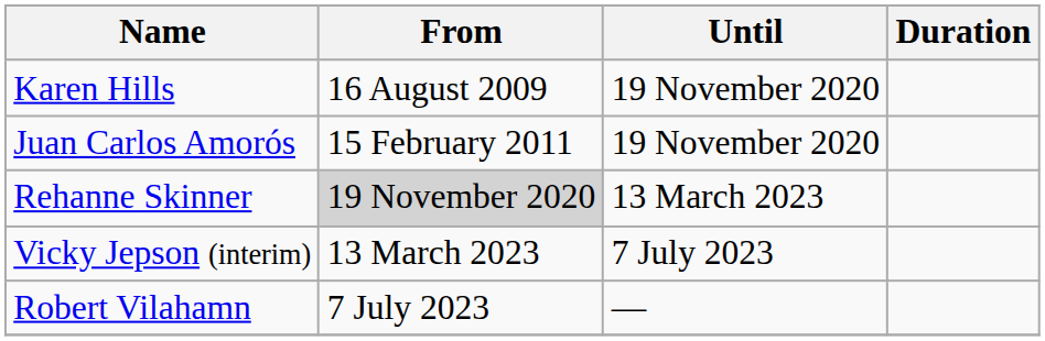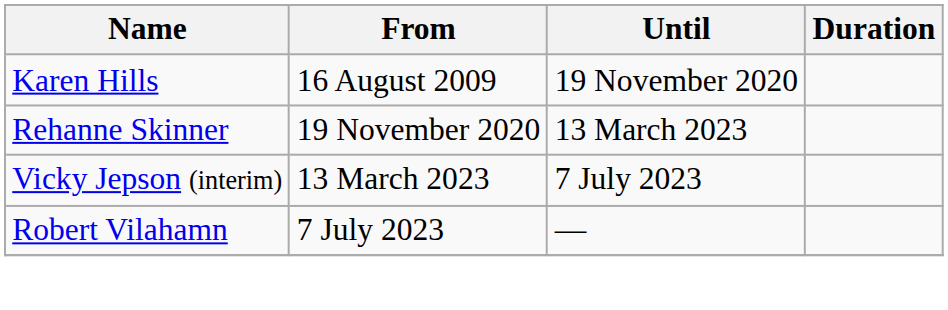 <table class="wikitable">
 <tr>
 <th>Name</th>
 <th>From</th>
 <th>Until</th>
 <th>Duration</th>
 </tr>
 <tr>
 <td> <a href='#'>Karen Hills</a></td>
 <td>16 August 2009</td>
 <td>19 November 2020</td>
 <td></td>
 </tr>
 <tr>
-<td> <a href='#'>Juan Carlos Amorós</a></td>
-<td>15 February 2011</td>
+<td> <a href='#'>Rehanne Skinner</a></td>
 <td>19 November 2020</td>
-<td></td>
-</tr>
-<tr>
-<td> <a href='#'>Rehanne Skinner</a></td>
-<td style="background: lightgrey;">19 November 2020</td>
 <td>13 March 2023</td>
 <td></td>
 </tr>
 <tr>
 <td> <a href='#'>Vicky Jepson</a> <small>(interim)</small></td>
 <td>13 March 2023</td>
 <td>7 July 2023</td>
 <td></td>
 </tr>
 <tr>
 <td> <a href='#'>Robert Vilahamn</a></td>
 <td>7 July 2023</td>
 <td>—</td>
 <td></td>
 </tr>
 <tr>
 </tr>
 </table>
